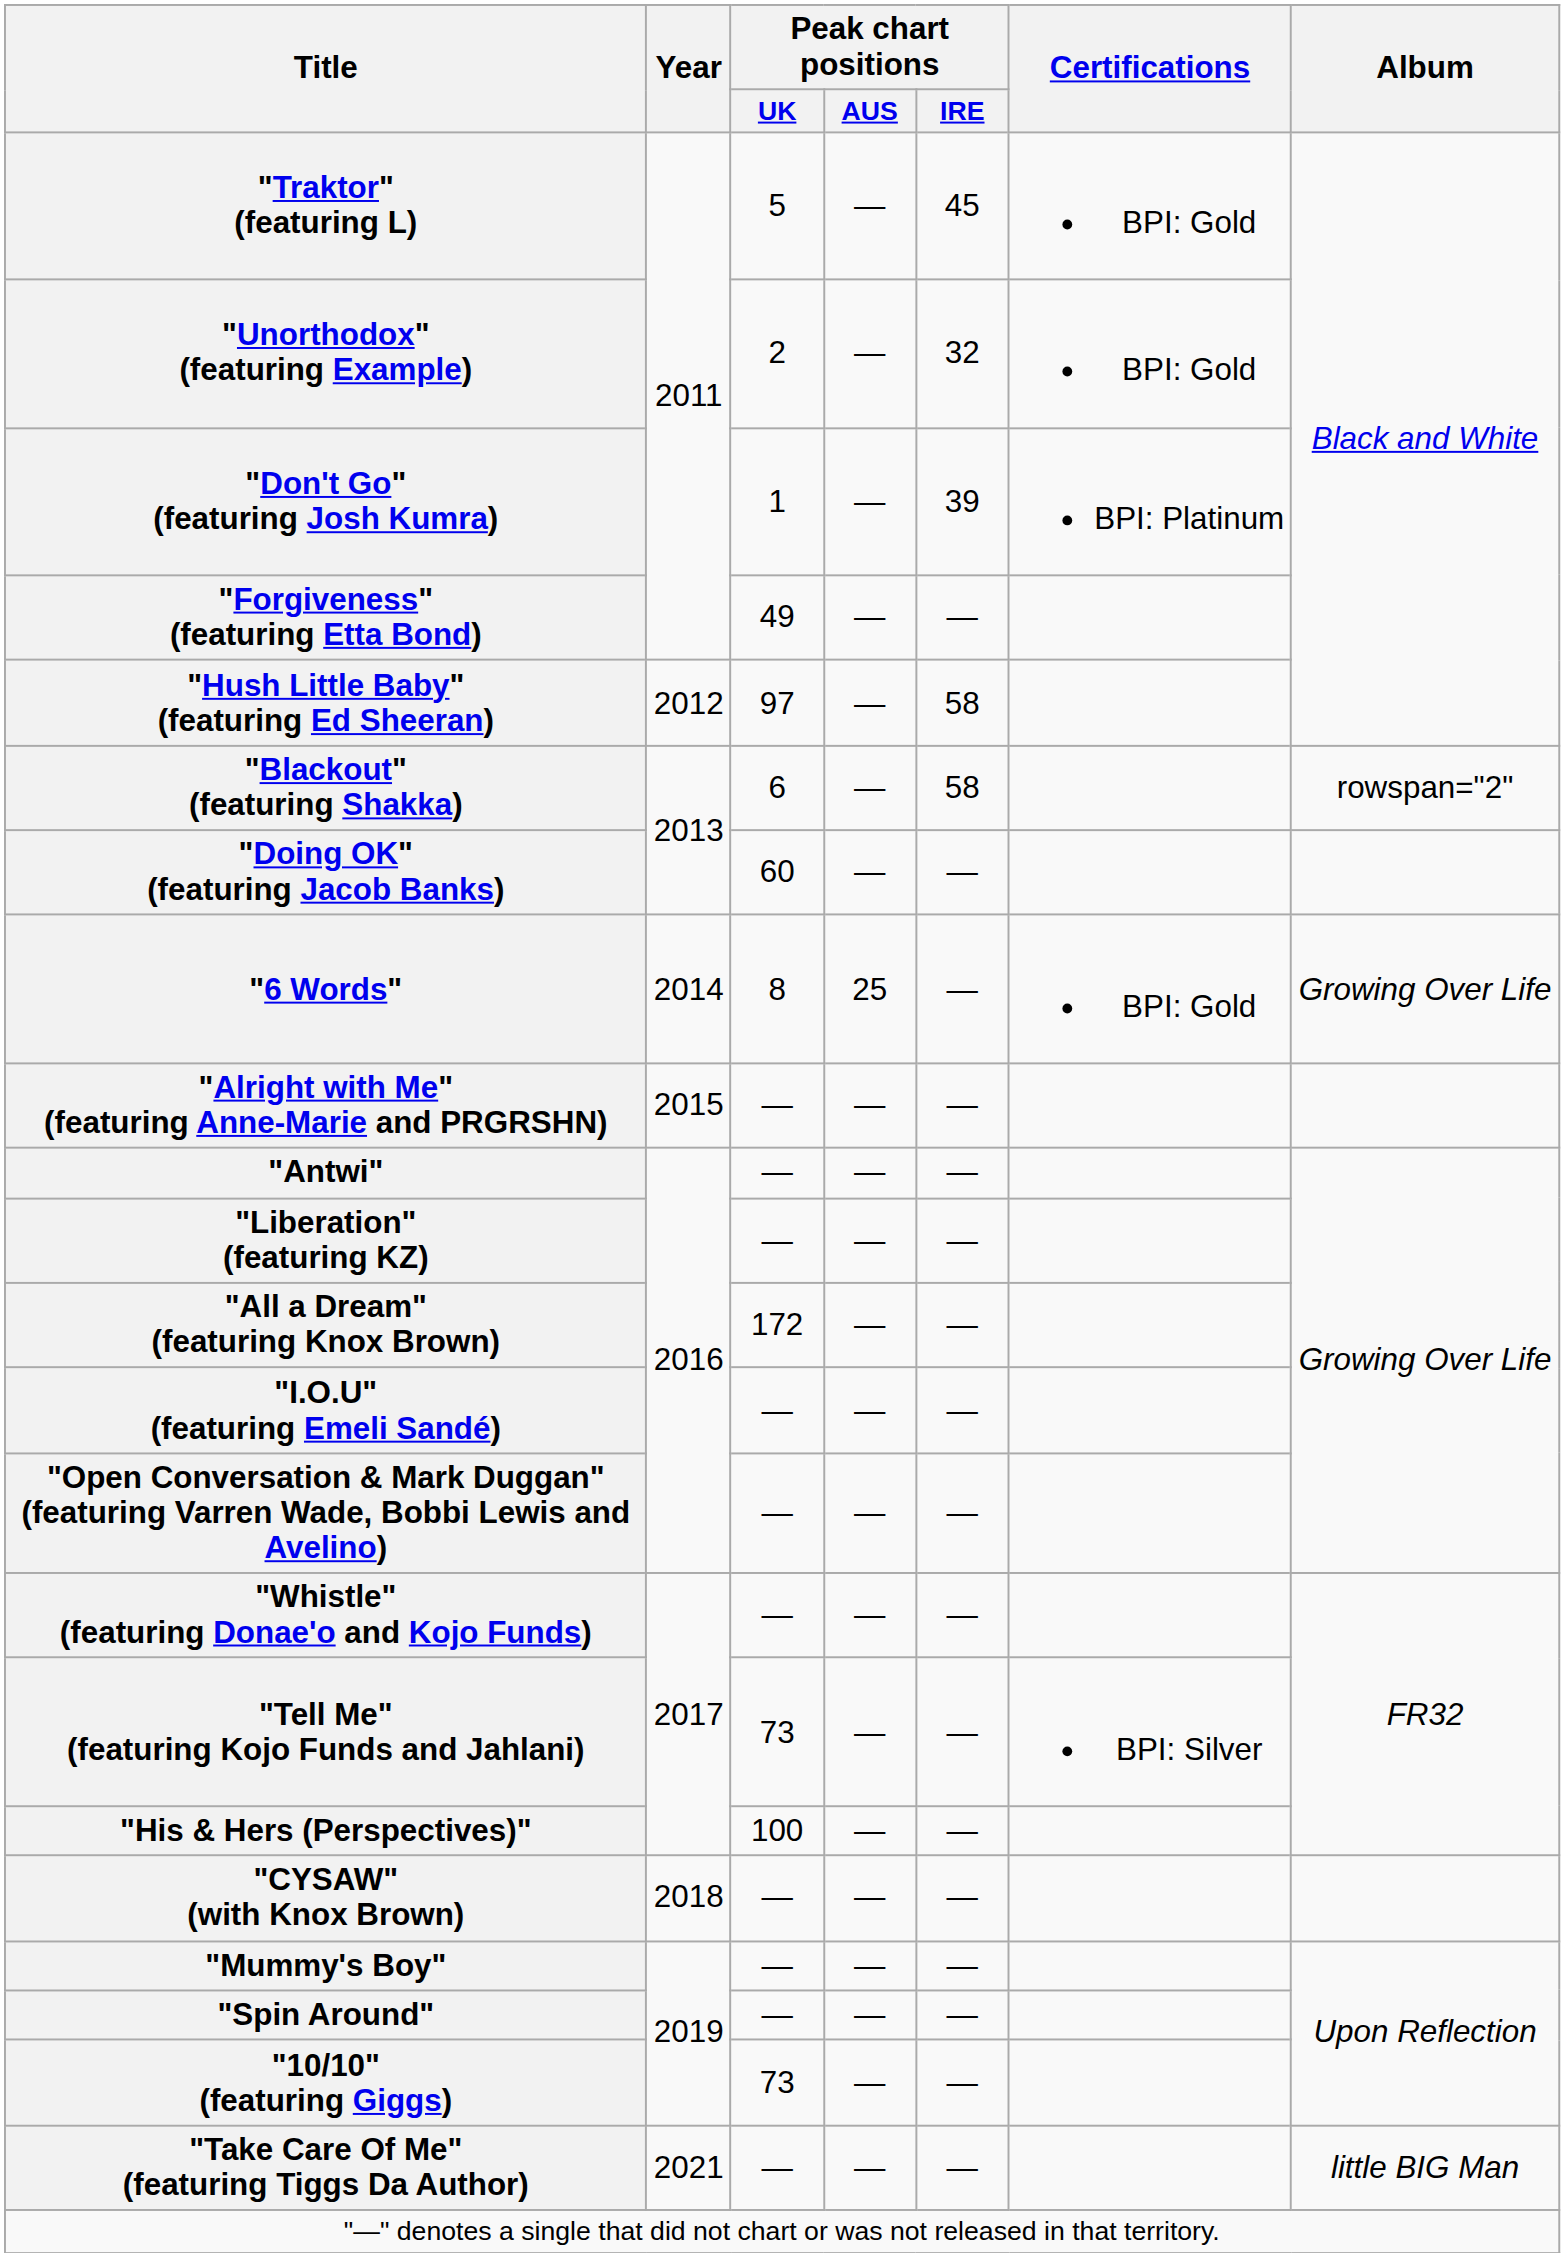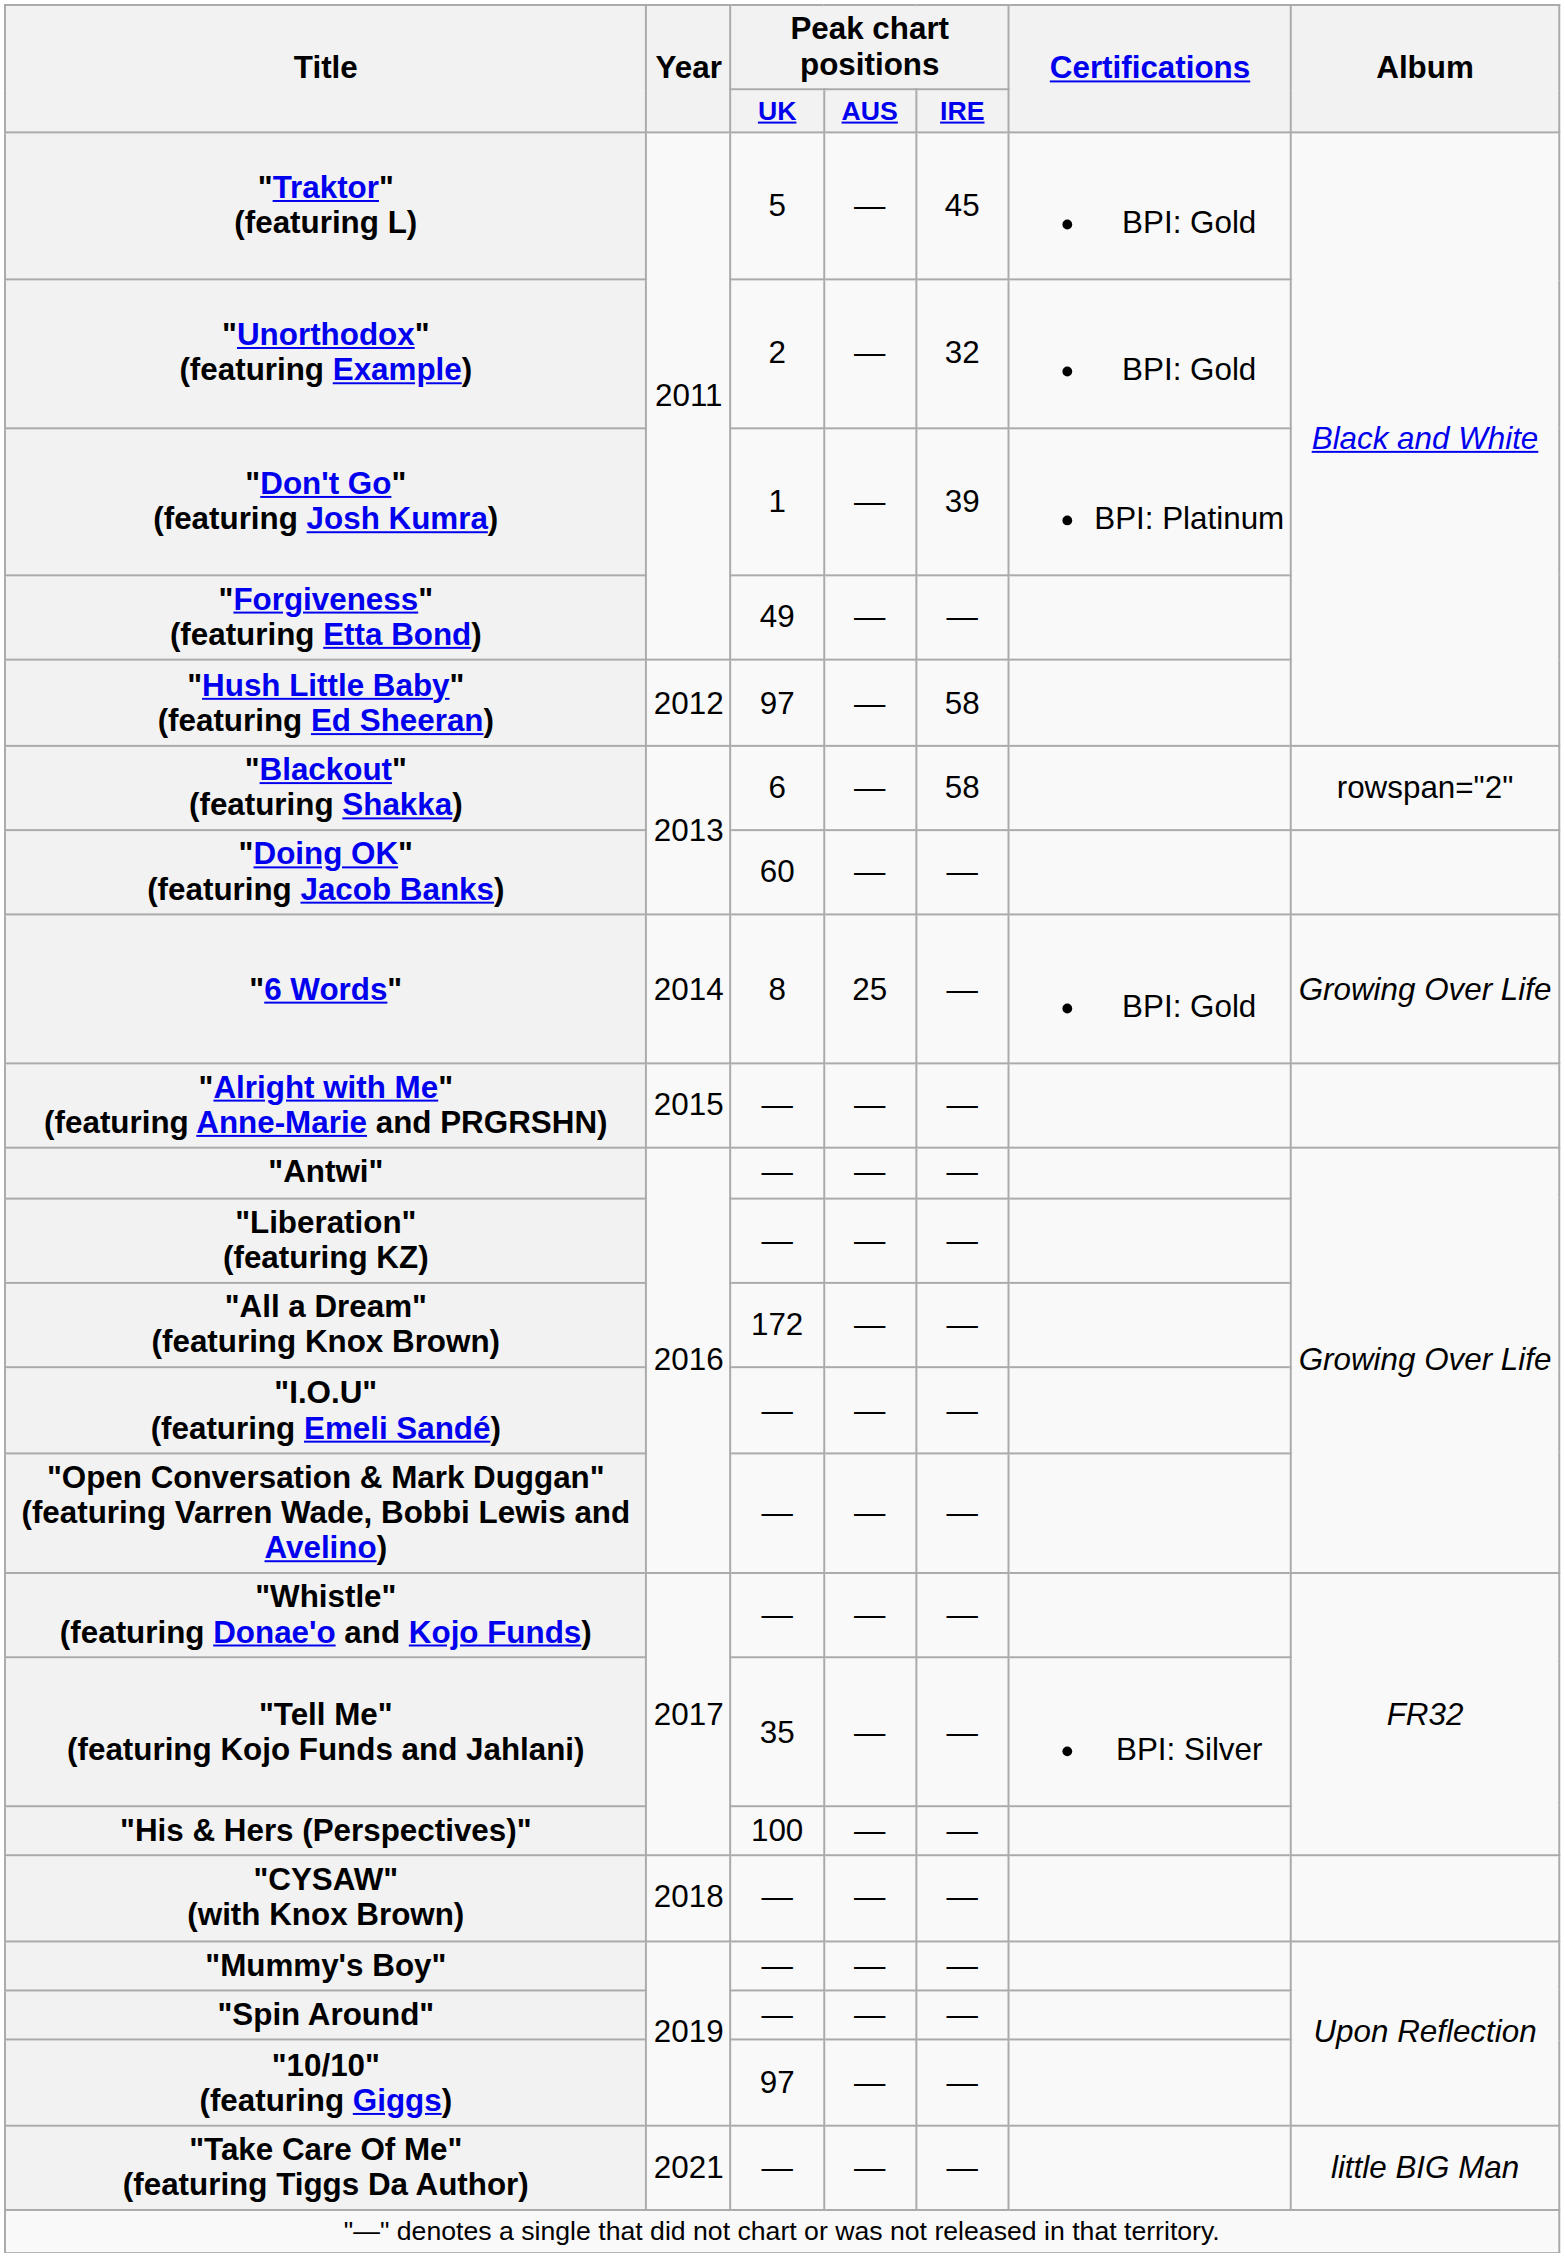 <table class="wikitable plainrowheaders" style="text-align:center;" border="1">
 <tr>
 <th scope="col" rowspan="2" style="width:20em;">Title</th>
 <th scope="col" rowspan="2" style="width:1em;">Year</th>
 <th scope="col" colspan="3">Peak chart positions</th>
 <th scope="col" rowspan="2"><a href='#'>Certifications</a></th>
 <th scope="col" rowspan="2">Album</th>
 </tr>
 <tr>
 <th scope="col" style="width:3em;font-size:85%;"><a href='#'>UK</a><br></th>
 <th scope="col" style="width:3em;font-size:85%;"><a href='#'>AUS</a><br></th>
 <th scope="col" style="width:3em;font-size:85%;"><a href='#'>IRE</a><br></th>
 </tr>
 <tr>
 <th scope="row">"<a href='#'>Traktor</a>"<br><span>(featuring L)</span></th>
 <td rowspan="4">2011</td>
 <td>5</td>
 <td>—</td>
 <td>45</td>
 <td><br><ul><li>BPI: Gold</li></ul></td>
 <td rowspan="5"><em><a href='#'>Black and White</a></em></td>
 </tr>
 <tr>
 <th scope="row">"<a href='#'>Unorthodox</a>"<br><span>(featuring <a href='#'>Example</a>)</span></th>
 <td>2</td>
 <td>—</td>
 <td>32</td>
 <td><br><ul><li>BPI: Gold</li></ul></td>
 </tr>
 <tr>
 <th scope="row">"<a href='#'>Don't Go</a>"<br><span>(featuring <a href='#'>Josh Kumra</a>)</span></th>
 <td>1</td>
 <td>—</td>
 <td>39</td>
 <td><br><ul><li>BPI: Platinum</li></ul></td>
 </tr>
 <tr>
 <th scope="row">"<a href='#'>Forgiveness</a>"<br><span>(featuring <a href='#'>Etta Bond</a>)</span></th>
 <td>49</td>
 <td>—</td>
 <td>—</td>
 <td></td>
 </tr>
 <tr>
 <th scope="row">"<a href='#'>Hush Little Baby</a>"<br><span>(featuring <a href='#'>Ed Sheeran</a>)</span></th>
 <td>2012</td>
 <td>97</td>
 <td>—</td>
 <td>58</td>
 <td></td>
 </tr>
 <tr>
 <th scope="row">"<a href='#'>Blackout</a>"<br><span>(featuring <a href='#'>Shakka</a>)</span></th>
 <td rowspan="2">2013</td>
 <td>6</td>
 <td>—</td>
 <td>58</td>
 <td></td>
 <td>rowspan="2" </td>
 </tr>
 <tr>
 <th scope="row">"<a href='#'>Doing OK</a>"<br><span>(featuring <a href='#'>Jacob Banks</a>)</span></th>
 <td>60</td>
 <td>—</td>
 <td>—</td>
 <td></td>
 </tr>
 <tr>
 <th scope="row">"<a href='#'>6 Words</a>"</th>
 <td>2014</td>
 <td>8</td>
 <td>25</td>
 <td>—</td>
 <td><br><ul><li>BPI: Gold</li></ul></td>
 <td><em>Growing Over Life</em></td>
 </tr>
 <tr>
 <th scope="row">"<a href='#'>Alright with Me</a>"<br><span>(featuring <a href='#'>Anne-Marie</a> and PRGRSHN)</span></th>
 <td>2015</td>
 <td>—</td>
 <td>—</td>
 <td>—</td>
 <td></td>
 <td></td>
 </tr>
 <tr>
 <th scope="row">"Antwi"</th>
 <td rowspan="5">2016</td>
 <td>—</td>
 <td>—</td>
 <td>—</td>
 <td></td>
 <td rowspan="5"><em>Growing Over Life</em></td>
 </tr>
 <tr>
 <th scope="row">"Liberation"<br><span>(featuring KZ)</span></th>
 <td>—</td>
 <td>—</td>
 <td>—</td>
 <td></td>
 </tr>
 <tr>
 <th scope="row">"All a Dream"<br><span>(featuring Knox Brown)</span></th>
 <td>172</td>
 <td>—</td>
 <td>—</td>
 <td></td>
 </tr>
 <tr>
 <th scope="row">"I.O.U"<br><span>(featuring <a href='#'>Emeli Sandé</a>)</span></th>
 <td>—</td>
 <td>—</td>
 <td>—</td>
 <td></td>
 </tr>
 <tr>
 <th scope="row">"Open Conversation & Mark Duggan"<br><span>(featuring Varren Wade, Bobbi Lewis and <a href='#'>Avelino</a>)</span></th>
 <td>—</td>
 <td>—</td>
 <td>—</td>
 <td></td>
 </tr>
 <tr>
 <th scope="row">"Whistle"<br><span>(featuring <a href='#'>Donae'o</a> and <a href='#'>Kojo Funds</a>)</span></th>
 <td rowspan="3">2017</td>
 <td>—</td>
 <td>—</td>
 <td>—</td>
 <td></td>
 <td rowspan="3"><em>FR32</em></td>
 </tr>
 <tr>
 <th scope="row">"Tell Me"<br><span>(featuring Kojo Funds and Jahlani)</span></th>
-<td>73</td>
+<td>35</td>
 <td>—</td>
 <td>—</td>
 <td><br><ul><li>BPI: Silver</li></ul></td>
 </tr>
 <tr>
 <th scope="row">"His & Hers (Perspectives)"</th>
 <td>100</td>
 <td>—</td>
 <td>—</td>
 <td></td>
 </tr>
 <tr>
 <th scope="row">"CYSAW"<br><span>(with Knox Brown)</span></th>
 <td>2018</td>
 <td>—</td>
 <td>—</td>
 <td>—</td>
 <td></td>
 <td></td>
 </tr>
 <tr>
 <th scope="row">"Mummy's Boy"</th>
 <td rowspan="3">2019</td>
 <td>—</td>
 <td>—</td>
 <td>—</td>
 <td></td>
 <td rowspan="3"><em>Upon Reflection</em></td>
 </tr>
 <tr>
 <th scope="row">"Spin Around"</th>
 <td>—</td>
 <td>—</td>
 <td>—</td>
 <td></td>
 </tr>
 <tr>
 <th scope="row">"10/10"<br><span>(featuring <a href='#'>Giggs</a>)</span></th>
-<td>73</td>
+<td>97</td>
 <td>—</td>
 <td>—</td>
 <td></td>
 </tr>
 <tr>
 <th scope="row">"Take Care Of Me"<br><span>(featuring Tiggs Da Author)</span></th>
 <td>2021</td>
 <td>—</td>
 <td>—</td>
 <td>—</td>
 <td></td>
 <td><em>little BIG Man</em></td>
 </tr>
 <tr>
 <td colspan="20" style="font-size:85%">"—" denotes a single that did not chart or was not released in that territory.</td>
 </tr>
 </table>
